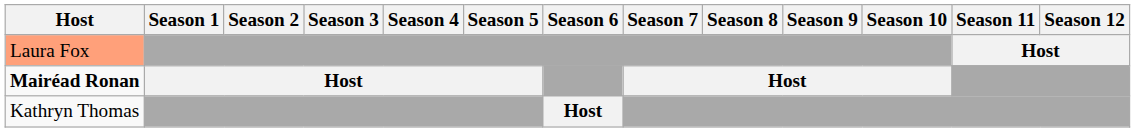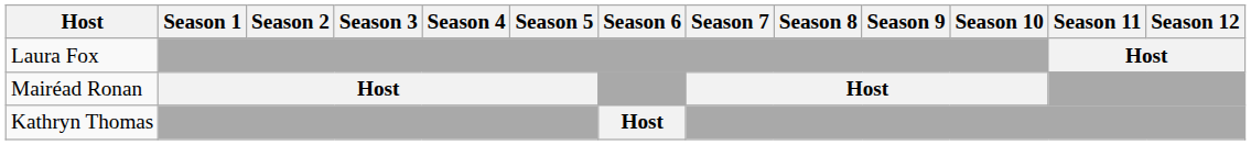 <table class="wikitable sortable" style="margin: auto; text-align:">
 <tr>
 <th>Host</th>
 <th>Season 1</th>
 <th>Season 2</th>
 <th>Season 3</th>
 <th>Season 4</th>
 <th>Season 5</th>
 <th>Season 6</th>
 <th>Season 7</th>
 <th>Season 8</th>
 <th>Season 9</th>
 <th>Season 10</th>
 <th>Season 11</th>
 <th>Season 12</th>
 </tr>
 <tr>
-<td style="background: lightsalmon;">Laura Fox</td>
+<td>Laura Fox</td>
 <td colspan="10" bgcolor="darkgray"></td>
 <th colspan="2">Host</th>
 </tr>
 <tr>
-<td><strong>Mairéad Ronan</strong></td>
+<td>Mairéad Ronan</td>
 <th colspan="5"><strong>Host</strong></th>
 <td colspan="1" bgcolor="darkgray"></td>
 <th colspan="4">Host</th>
 <td colspan="2" bgcolor="darkgray"></td>
 </tr>
 <tr>
 <td>Kathryn Thomas</td>
 <td colspan="5" bgcolor="darkgray"></td>
 <th>Host</th>
 <td colspan="6" bgcolor="darkgray"></td>
 </tr>
 </table>
